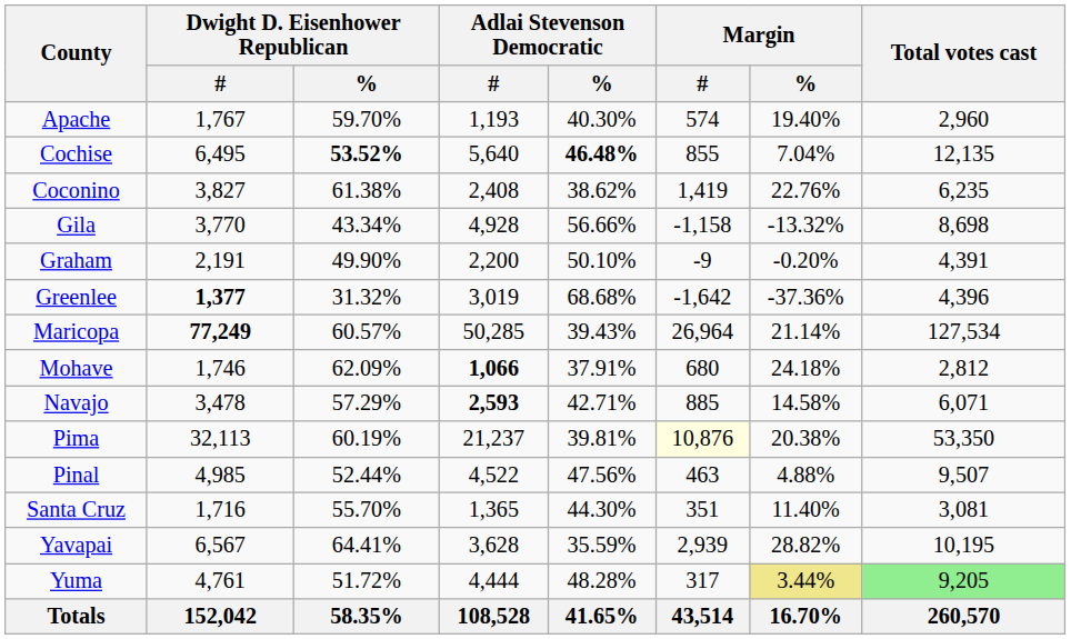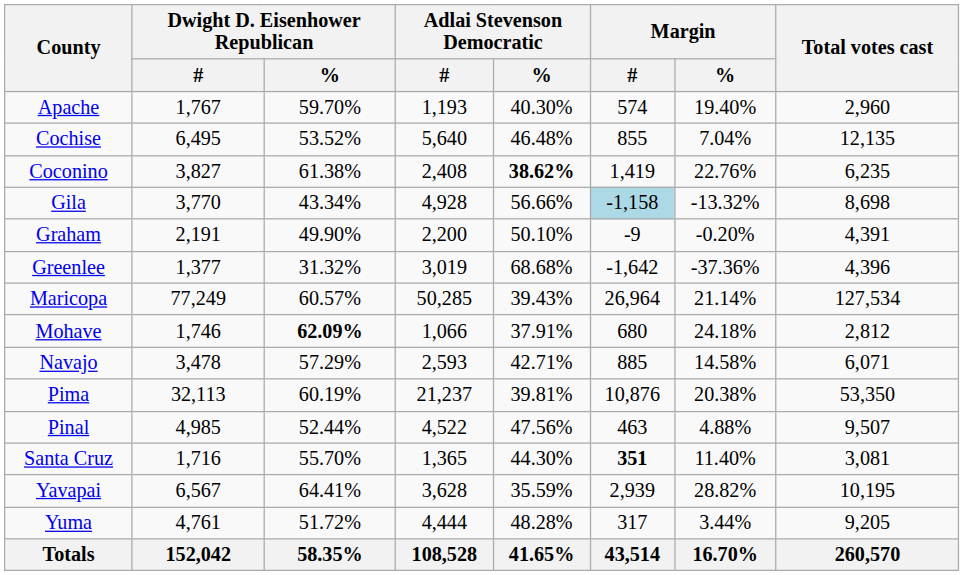 <table width="60%" class="wikitable sortable">
 <tr>
 <th rowspan="2">County</th>
 <th colspan="2">Dwight D. Eisenhower<br>Republican</th>
 <th colspan="2">Adlai Stevenson<br>Democratic</th>
 <th colspan="2">Margin</th>
 <th rowspan="2">Total votes cast</th>
 </tr>
 <tr>
 <th data-sort-type="number">#</th>
 <th data-sort-type="number">%</th>
 <th data-sort-type="number">#</th>
 <th data-sort-type="number">%</th>
 <th data-sort-type="number">#</th>
 <th data-sort-type="number">%</th>
 </tr>
 <tr style="text-align:center;">
 <td><a href='#'>Apache</a></td>
 <td>1,767</td>
 <td>59.70%</td>
 <td>1,193</td>
 <td>40.30%</td>
 <td>574</td>
 <td>19.40%</td>
 <td>2,960</td>
 </tr>
 <tr style="text-align:center;">
 <td><a href='#'>Cochise</a></td>
 <td>6,495</td>
-<td><strong>53.52%</strong></td>
+<td>53.52%</td>
 <td>5,640</td>
-<td><strong>46.48%</strong></td>
+<td>46.48%</td>
 <td>855</td>
 <td>7.04%</td>
 <td>12,135</td>
 </tr>
 <tr style="text-align:center;">
 <td><a href='#'>Coconino</a></td>
 <td>3,827</td>
 <td>61.38%</td>
 <td>2,408</td>
-<td>38.62%</td>
+<td><strong>38.62%</strong></td>
 <td>1,419</td>
 <td>22.76%</td>
 <td>6,235</td>
 </tr>
 <tr style="text-align:center;">
 <td><a href='#'>Gila</a></td>
 <td>3,770</td>
 <td>43.34%</td>
 <td>4,928</td>
 <td>56.66%</td>
-<td>-1,158</td>
+<td style="background: lightblue;">-1,158</td>
 <td>-13.32%</td>
 <td>8,698</td>
 </tr>
 <tr style="text-align:center;">
 <td><a href='#'>Graham</a></td>
 <td>2,191</td>
 <td>49.90%</td>
 <td>2,200</td>
 <td>50.10%</td>
 <td>-9</td>
 <td>-0.20%</td>
 <td>4,391</td>
 </tr>
 <tr style="text-align:center;">
 <td><a href='#'>Greenlee</a></td>
-<td><strong>1,377</strong></td>
+<td>1,377</td>
 <td>31.32%</td>
 <td>3,019</td>
 <td>68.68%</td>
 <td>-1,642</td>
 <td>-37.36%</td>
 <td>4,396</td>
 </tr>
 <tr style="text-align:center;">
 <td><a href='#'>Maricopa</a></td>
-<td><strong>77,249</strong></td>
+<td>77,249</td>
 <td>60.57%</td>
 <td>50,285</td>
 <td>39.43%</td>
 <td>26,964</td>
 <td>21.14%</td>
 <td>127,534</td>
 </tr>
 <tr style="text-align:center;">
 <td><a href='#'>Mohave</a></td>
 <td>1,746</td>
-<td>62.09%</td>
-<td><strong>1,066</strong></td>
+<td><strong>62.09%</strong></td>
+<td>1,066</td>
 <td>37.91%</td>
 <td>680</td>
 <td>24.18%</td>
 <td>2,812</td>
 </tr>
 <tr style="text-align:center;">
 <td><a href='#'>Navajo</a></td>
 <td>3,478</td>
 <td>57.29%</td>
-<td><strong>2,593</strong></td>
+<td>2,593</td>
 <td>42.71%</td>
 <td>885</td>
 <td>14.58%</td>
 <td>6,071</td>
 </tr>
 <tr style="text-align:center;">
 <td><a href='#'>Pima</a></td>
 <td>32,113</td>
 <td>60.19%</td>
 <td>21,237</td>
 <td>39.81%</td>
-<td style="background: lightyellow;">10,876</td>
+<td>10,876</td>
 <td>20.38%</td>
 <td>53,350</td>
 </tr>
 <tr style="text-align:center;">
 <td><a href='#'>Pinal</a></td>
 <td>4,985</td>
 <td>52.44%</td>
 <td>4,522</td>
 <td>47.56%</td>
 <td>463</td>
 <td>4.88%</td>
 <td>9,507</td>
 </tr>
 <tr style="text-align:center;">
 <td><a href='#'>Santa Cruz</a></td>
 <td>1,716</td>
 <td>55.70%</td>
 <td>1,365</td>
 <td>44.30%</td>
-<td>351</td>
+<td><strong>351</strong></td>
 <td>11.40%</td>
 <td>3,081</td>
 </tr>
 <tr style="text-align:center;">
 <td><a href='#'>Yavapai</a></td>
 <td>6,567</td>
 <td>64.41%</td>
 <td>3,628</td>
 <td>35.59%</td>
 <td>2,939</td>
 <td>28.82%</td>
 <td>10,195</td>
 </tr>
 <tr style="text-align:center;">
 <td><a href='#'>Yuma</a></td>
 <td>4,761</td>
 <td>51.72%</td>
 <td>4,444</td>
 <td>48.28%</td>
 <td>317</td>
-<td style="background: khaki;">3.44%</td>
-<td style="background: lightgreen;">9,205</td>
+<td>3.44%</td>
+<td>9,205</td>
 </tr>
 <tr style="text-align:center;">
 <th>Totals</th>
 <th>152,042</th>
 <th>58.35%</th>
 <th>108,528</th>
 <th>41.65%</th>
 <th>43,514</th>
 <th>16.70%</th>
 <th>260,570</th>
 </tr>
 </table>
